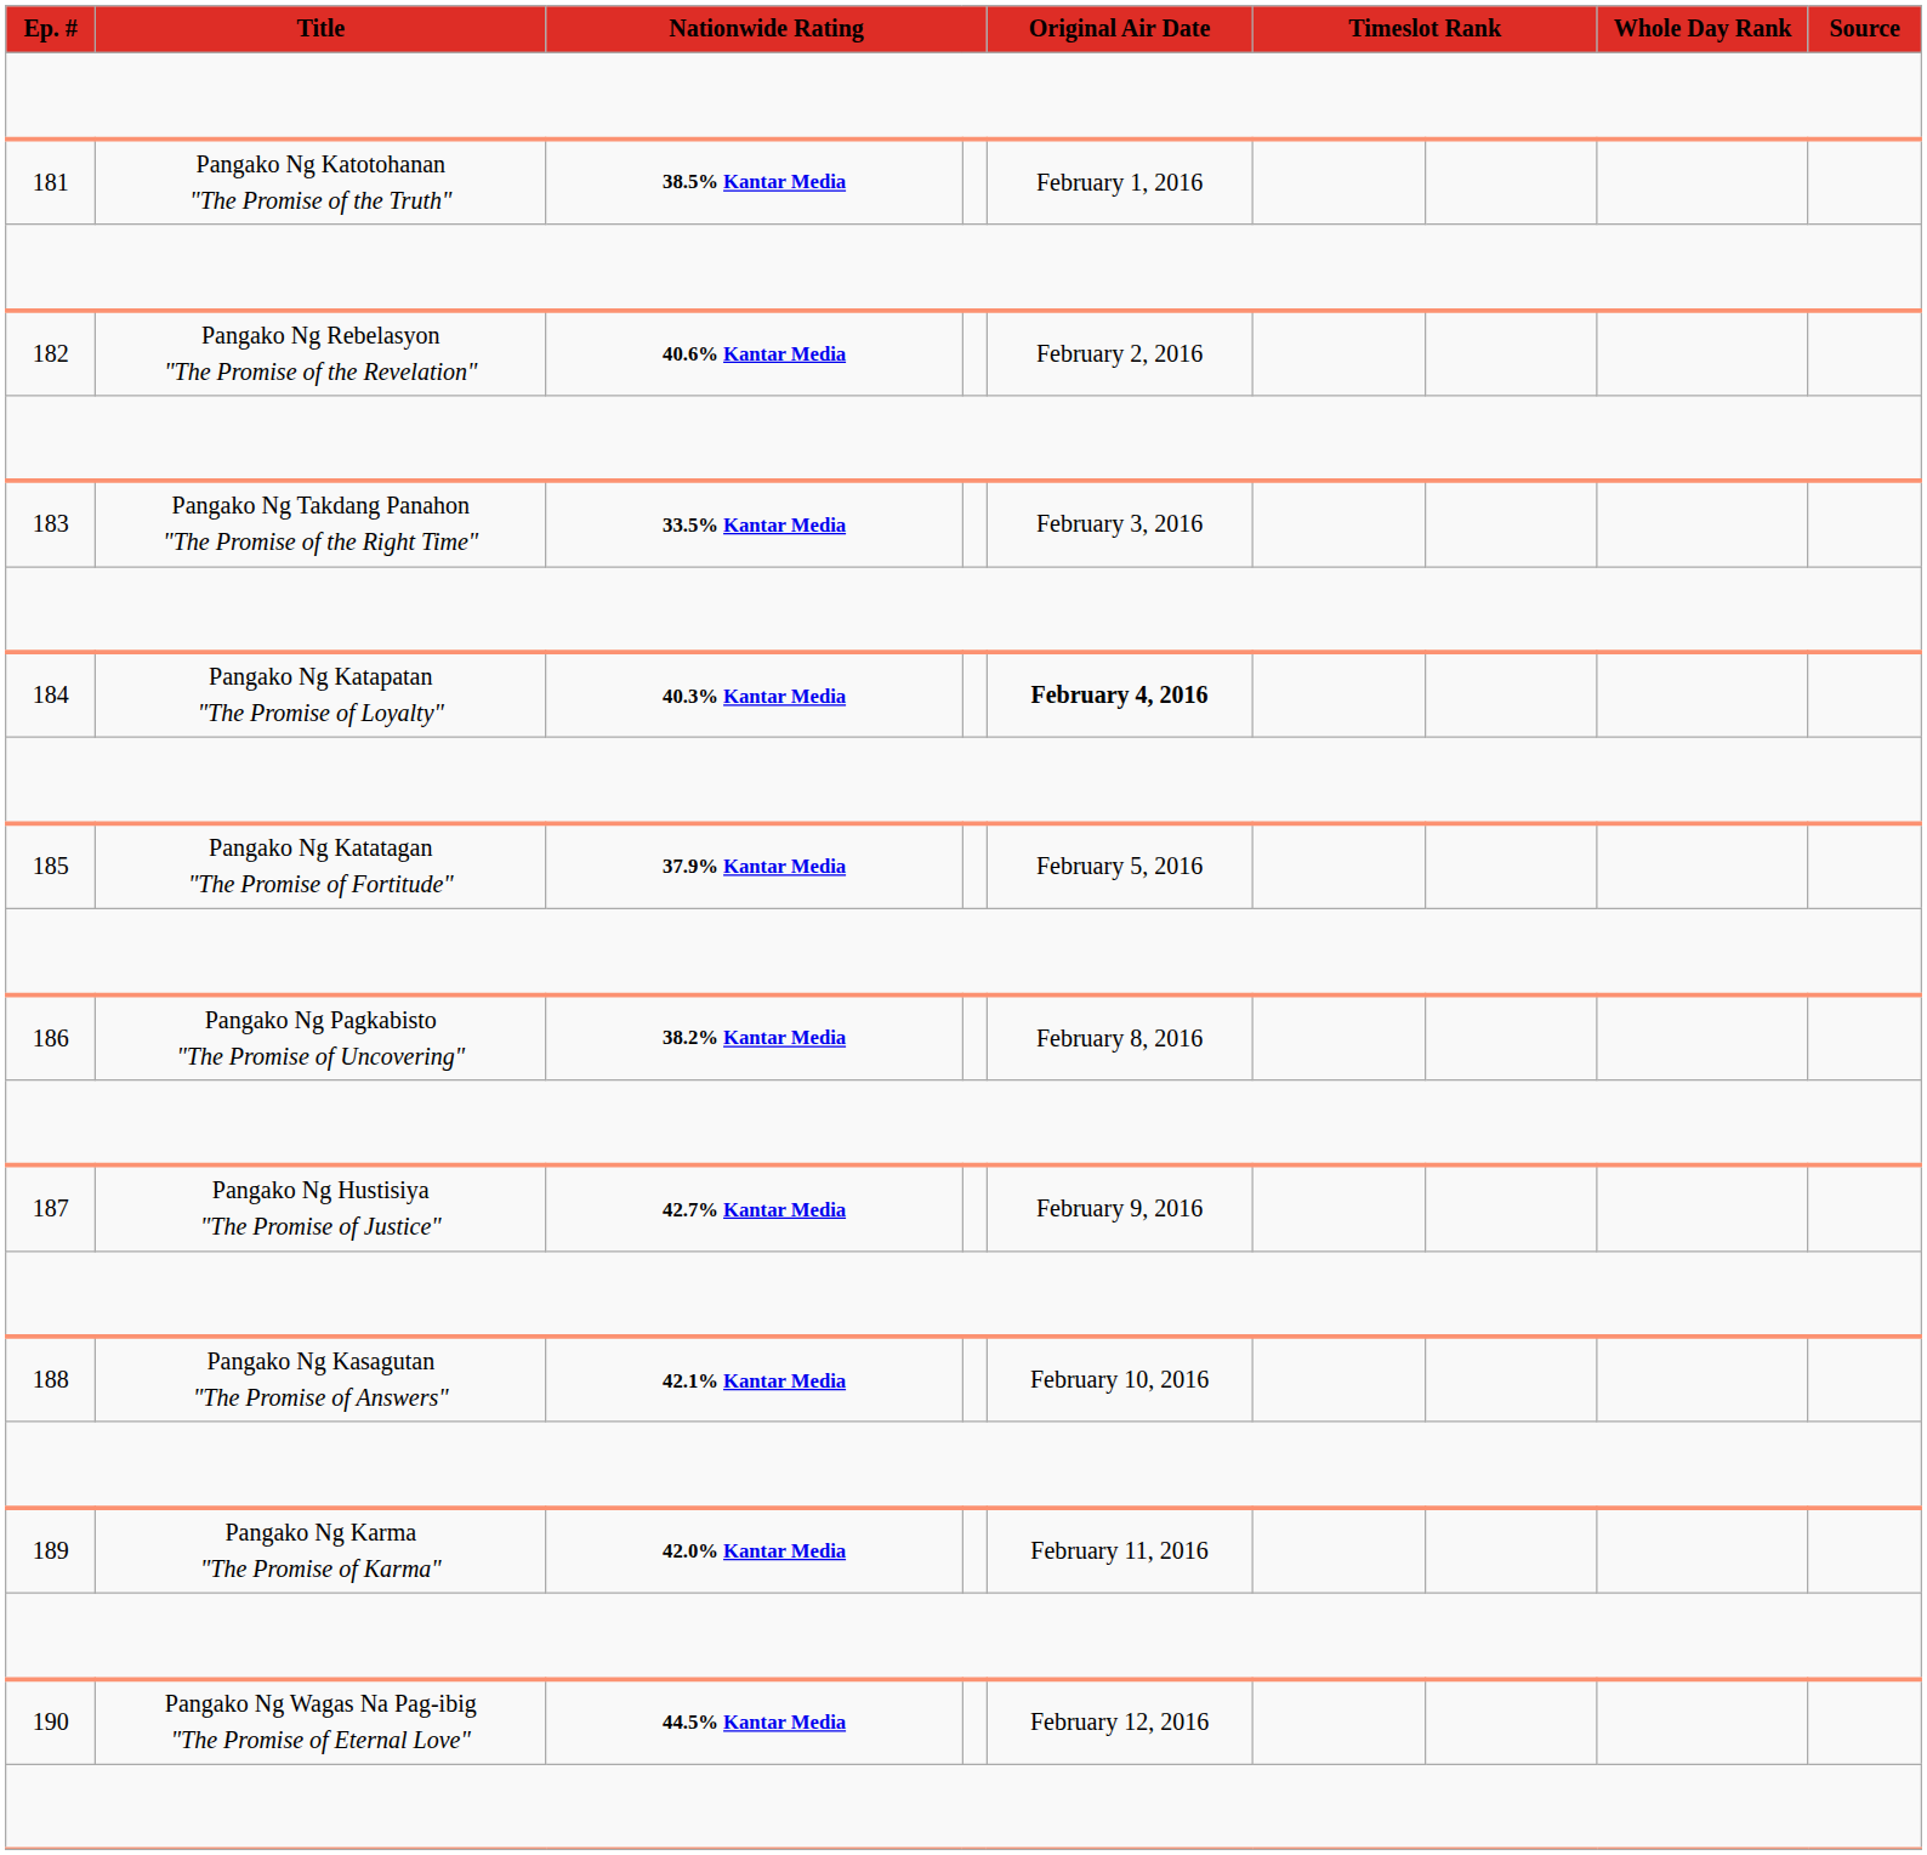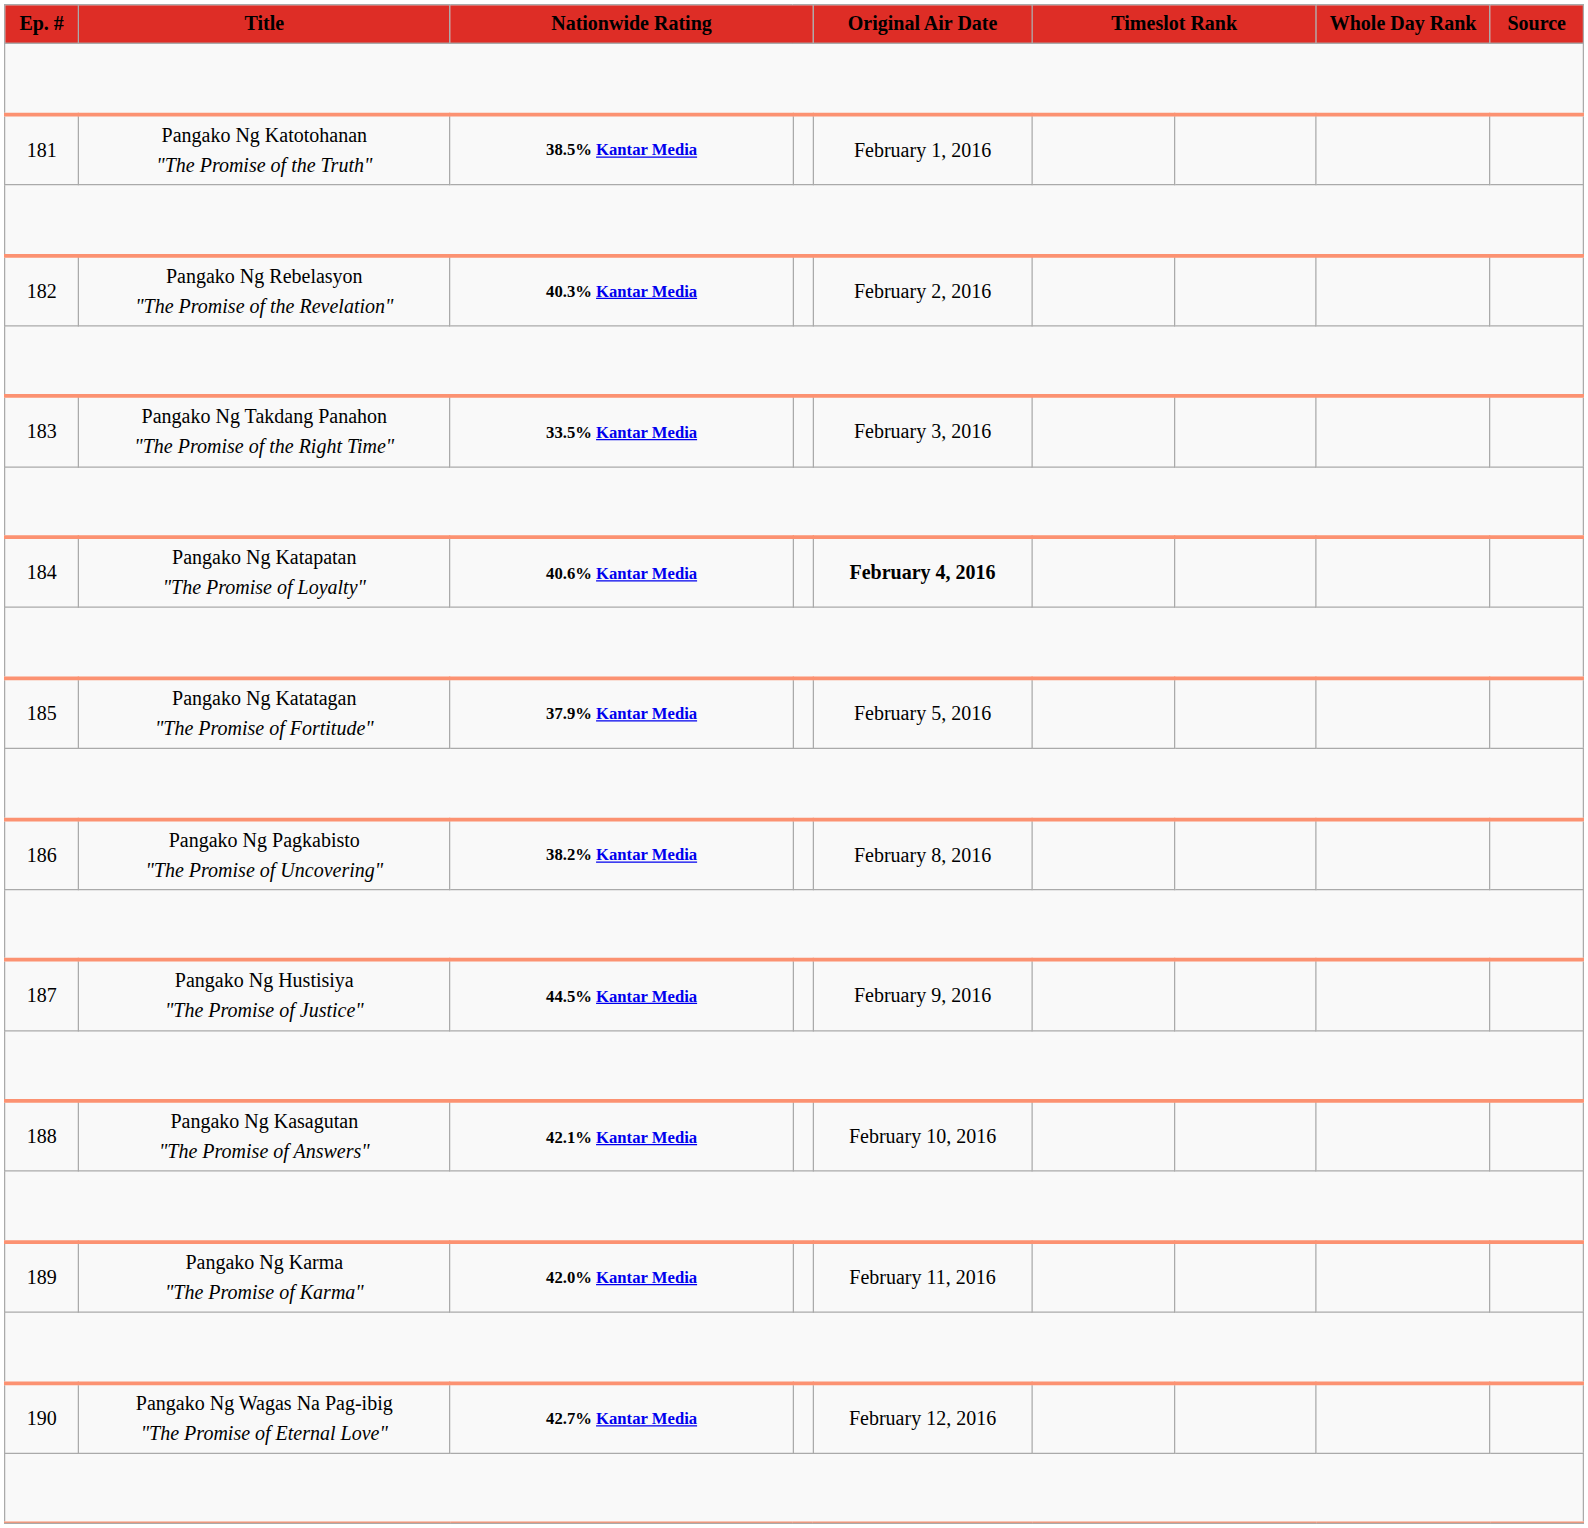 <table class="wikitable" style="text-align: center; background:#f9f9f9; line-height:16px; line-height:150%" width="100%">
 <tr style="color:black;">
 <th style="background:#de2d26;">Ep. #</th>
 <th style="background:#de2d26;">Title</th>
 <th style="background:#de2d26;" colspan="2" width="23%">Nationwide Rating</th>
 <th style="background:#de2d26;">Original Air Date</th>
 <th style="background:#de2d26;" colspan="2" width="18%">Timeslot Rank</th>
 <th style="background:#de2d26;" width="11%">Whole Day Rank</th>
 <th style="background:#de2d26;">Source</th>
 </tr>
 <tr style="text-align: center">
 </tr>
 <tr style="text-align: center">
 <td colspan = "10" style="text-align: left; border-bottom: 3px solid #fc9272;"><br><br></td>
 </tr>
 <tr style="text-align: center">
 <td>181</td>
 <td>Pangako Ng Katotohanan <br> <em>"The Promise of the Truth"</em></td>
 <td><small><strong>38.5% <a href='#'>Kantar Media</a></strong></small></td>
 <td></td>
 <td>February 1, 2016</td>
 <td></td>
 <td></td>
 <td></td>
 </tr>
 <tr style="text-align: center">
 <td colspan = "10" style="text-align: left; border-bottom: 3px solid #fc9272;"><br><br></td>
 </tr>
 <tr style="text-align: center">
 <td>182</td>
 <td>Pangako Ng Rebelasyon<br> <em>"The Promise of the Revelation"</em></td>
-<td><small><strong>40.6% <a href='#'>Kantar Media</a></strong></small></td>
+<td><small><strong>40.3% <a href='#'>Kantar Media</a></strong></small></td>
 <td></td>
 <td>February 2, 2016</td>
 <td></td>
 <td></td>
 <td></td>
 </tr>
 <tr style="text-align: center">
 <td colspan = "10" style="text-align: left; border-bottom: 3px solid #fc9272;"><br><br></td>
 </tr>
 <tr style="text-align: center">
 <td>183</td>
 <td>Pangako Ng Takdang Panahon<br> <em>"The Promise of the Right Time"</em></td>
 <td><small><strong>33.5% <a href='#'>Kantar Media</a></strong></small></td>
 <td></td>
 <td>February 3, 2016</td>
 <td></td>
 <td></td>
 <td></td>
 </tr>
 <tr style="text-align: center">
 <td colspan = "10" style="text-align: left; border-bottom: 3px solid #fc9272;"><br><br></td>
 </tr>
 <tr style="text-align: center">
 <td>184</td>
 <td>Pangako Ng Katapatan<br> <em>"The Promise of Loyalty"</em></td>
-<td><small><strong>40.3% <a href='#'>Kantar Media</a></strong></small></td>
+<td><small><strong>40.6% <a href='#'>Kantar Media</a></strong></small></td>
 <td></td>
 <td><strong>February 4, 2016</strong></td>
 <td></td>
 <td></td>
 <td></td>
 </tr>
 <tr style="text-align: center">
 <td colspan = "10" style="text-align: left; border-bottom: 3px solid #fc9272;"><br><br></td>
 </tr>
 <tr style="text-align: center">
 <td>185</td>
 <td>Pangako Ng Katatagan<br> <em>"The Promise of Fortitude"</em></td>
 <td><small><strong>37.9% <a href='#'>Kantar Media</a></strong></small></td>
 <td></td>
 <td>February 5, 2016</td>
 <td></td>
 <td></td>
 <td></td>
 </tr>
 <tr style="text-align: center">
 <td colspan = "10" style="text-align: left; border-bottom: 3px solid #fc9272;"><br><br></td>
 </tr>
 <tr style="text-align: center">
 <td>186</td>
 <td>Pangako Ng Pagkabisto<br><em>"The Promise of Uncovering"</em></td>
 <td><small><strong>38.2% <a href='#'>Kantar Media</a></strong></small></td>
 <td></td>
 <td>February 8, 2016</td>
 <td></td>
 <td></td>
 <td></td>
 </tr>
 <tr style="text-align: center">
 <td colspan = "10" style="text-align: left; border-bottom: 3px solid #fc9272;"><br><br></td>
 </tr>
 <tr style="text-align: center">
 <td>187</td>
 <td>Pangako Ng Hustisiya<br> <em>"The Promise of Justice"</em></td>
-<td><small><strong>42.7% <a href='#'>Kantar Media</a></strong></small></td>
+<td><small><strong>44.5% <a href='#'>Kantar Media</a></strong></small></td>
 <td></td>
 <td>February 9, 2016</td>
 <td></td>
 <td></td>
 <td></td>
 </tr>
 <tr style="text-align: center">
 <td colspan = "10" style="text-align: left; border-bottom: 3px solid #fc9272;"><br><br></td>
 </tr>
 <tr style="text-align: center">
 <td>188</td>
 <td>Pangako Ng Kasagutan<br> <em>"The Promise of Answers"</em></td>
 <td><small><strong>42.1% <a href='#'>Kantar Media</a></strong></small></td>
 <td></td>
 <td>February 10, 2016</td>
 <td></td>
 <td></td>
 <td></td>
 </tr>
 <tr style="text-align: center">
 <td colspan = "10" style="text-align: left; border-bottom: 3px solid #fc9272;"><br><br></td>
 </tr>
 <tr style="text-align: center">
 <td>189</td>
 <td>Pangako Ng Karma<br> <em>"The Promise of Karma"</em></td>
 <td><small><strong>42.0% <a href='#'>Kantar Media</a></strong></small></td>
 <td></td>
 <td>February 11, 2016</td>
 <td></td>
 <td></td>
 <td></td>
 </tr>
 <tr style="text-align: center">
 <td colspan = "10" style="text-align: left; border-bottom: 3px solid #fc9272;"><br><br></td>
 </tr>
 <tr style="text-align: center">
 <td>190</td>
 <td>Pangako Ng Wagas Na Pag-ibig<br> <em>"The Promise of Eternal Love"</em></td>
-<td><small><strong>44.5% <a href='#'>Kantar Media</a></strong></small></td>
+<td><small><strong>42.7% <a href='#'>Kantar Media</a></strong></small></td>
 <td></td>
 <td>February 12, 2016</td>
 <td></td>
 <td></td>
 <td></td>
 </tr>
 <tr style="text-align: center">
 <td colspan = "10" style="text-align: left; border-bottom: 3px solid #fc9272;"><br><br></td>
 </tr>
 <tr>
 </tr>
 </table>
